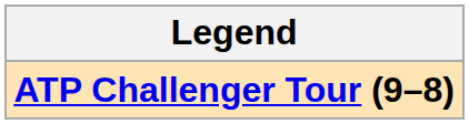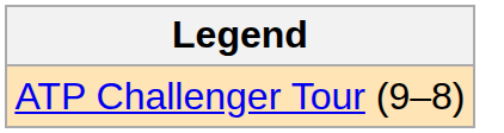 <table class=wikitable>
 <tr>
 <th>Legend</th>
 </tr>
 <tr bgcolor=moccasin>
-<td><strong><a href='#'>ATP Challenger Tour</a> (9–8)</strong></td>
+<td><a href='#'>ATP Challenger Tour</a> (9–8)</td>
 </tr>
 </table>
